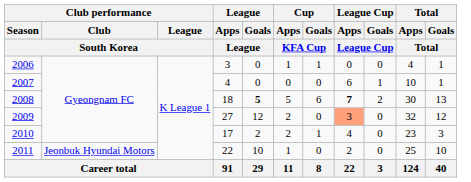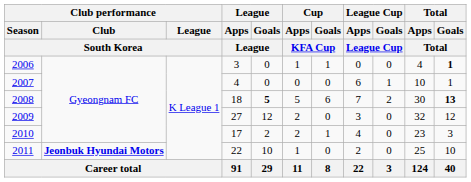 <table class="wikitable" style="text-align:center">
 <tr>
 <th colspan=3>Club performance</th>
 <th colspan=2>League</th>
 <th colspan=2>Cup</th>
 <th colspan=2>League Cup</th>
 <th colspan=2>Total</th>
 </tr>
 <tr>
 <th>Season</th>
 <th>Club</th>
 <th>League</th>
 <th>Apps</th>
 <th>Goals</th>
 <th>Apps</th>
 <th>Goals</th>
 <th>Apps</th>
 <th>Goals</th>
 <th>Apps</th>
 <th>Goals</th>
 </tr>
 <tr>
 <th colspan=3>South Korea</th>
 <th colspan=2>League</th>
 <th colspan=2><a href='#'>KFA Cup</a></th>
 <th colspan=2><a href='#'>League Cup</a></th>
 <th colspan=2>Total</th>
 </tr>
 <tr>
 <td><a href='#'>2006</a></td>
 <td rowspan="5"><a href='#'>Gyeongnam FC</a></td>
 <td rowspan="6"><a href='#'>K League 1</a></td>
 <td>3</td>
 <td>0</td>
 <td>1</td>
 <td>1</td>
 <td>0</td>
 <td>0</td>
 <td>4</td>
-<td>1</td>
+<td><strong>1</strong></td>
 </tr>
 <tr>
 <td><a href='#'>2007</a></td>
 <td>4</td>
 <td>0</td>
 <td>0</td>
 <td>0</td>
 <td>6</td>
 <td>1</td>
 <td>10</td>
 <td>1</td>
 </tr>
 <tr>
 <td><a href='#'>2008</a></td>
 <td>18</td>
 <td><strong>5</strong></td>
 <td>5</td>
 <td>6</td>
-<td><strong>7</strong></td>
+<td>7</td>
 <td>2</td>
 <td>30</td>
-<td>13</td>
+<td><strong>13</strong></td>
 </tr>
 <tr>
 <td><a href='#'>2009</a></td>
 <td>27</td>
 <td>12</td>
 <td>2</td>
 <td>0</td>
-<td style="background: lightsalmon;">3</td>
+<td>3</td>
 <td>0</td>
 <td>32</td>
 <td>12</td>
 </tr>
 <tr>
 <td><a href='#'>2010</a></td>
 <td>17</td>
 <td>2</td>
 <td>2</td>
 <td>1</td>
 <td>4</td>
 <td>0</td>
 <td>23</td>
 <td>3</td>
 </tr>
 <tr>
 <td><a href='#'>2011</a></td>
-<td rowspan="1"><a href='#'>Jeonbuk Hyundai Motors</a></td>
+<td rowspan="1"><strong><a href='#'>Jeonbuk Hyundai Motors</a></strong></td>
 <td>22</td>
 <td>10</td>
 <td>1</td>
 <td>0</td>
 <td>2</td>
 <td>0</td>
 <td>25</td>
 <td>10</td>
 </tr>
 <tr>
 <th colspan=3>Career total</th>
 <th>91</th>
 <th>29</th>
 <th>11</th>
 <th>8</th>
 <th>22</th>
 <th>3</th>
 <th>124</th>
 <th>40</th>
 </tr>
 </table>
